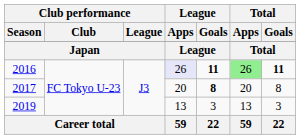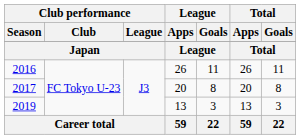 <table class="wikitable" style="text-align:center">
 <tr>
 <th colspan=3>Club performance</th>
 <th colspan=2>League</th>
 <th colspan=2>Total</th>
 </tr>
 <tr>
 <th>Season</th>
 <th>Club</th>
 <th>League</th>
 <th>Apps</th>
 <th>Goals</th>
 <th>Apps</th>
 <th>Goals</th>
 </tr>
 <tr>
 </tr>
 <tr>
 <th colspan=3>Japan</th>
 <th colspan=2>League</th>
 <th colspan=2>Total</th>
 </tr>
 <tr>
 <td><a href='#'>2016</a></td>
 <td rowspan=3><a href='#'>FC Tokyo U-23</a></td>
 <td rowspan=3><a href='#'>J3</a></td>
-<td style="background: lavender;">26</td>
-<td><strong>11</strong></td>
-<td style="background: lightgreen;">26</td>
-<td><strong>11</strong></td>
+<td>26</td>
+<td>11</td>
+<td>26</td>
+<td>11</td>
 </tr>
 <tr>
 <td><a href='#'>2017</a></td>
 <td>20</td>
-<td><strong>8</strong></td>
+<td>8</td>
 <td>20</td>
 <td>8</td>
 </tr>
 <tr>
 <td><a href='#'>2019</a></td>
 <td>13</td>
 <td>3</td>
 <td>13</td>
 <td>3</td>
 </tr>
 <tr>
 <th colspan=3>Career total</th>
 <th>59</th>
 <th>22</th>
 <th>59</th>
 <th>22</th>
 </tr>
 </table>
